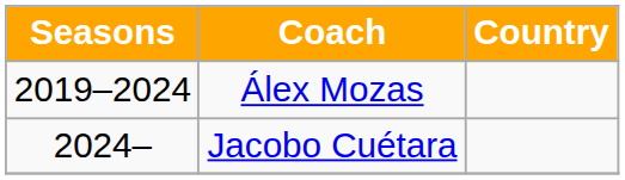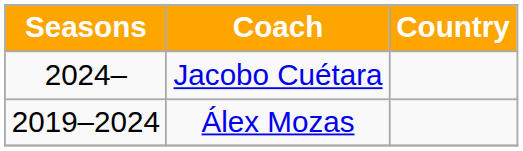 <table class="wikitable" style="text-align: center;">
 <tr>
 <th style="color:#FFFFFF; background:orange">Seasons</th>
 <th style="color:#FFFFFF; background:orange">Coach</th>
 <th style="color:#FFFFFF; background:orange">Country</th>
 </tr>
 <tr>
+<td style="text-align: center">2024–</td>
+<td style="text-align: center"><a href='#'>Jacobo Cuétara</a></td>
+<td style="text-align: center"></td>
+</tr>
+<tr>
 <td style="text-align: center">2019–2024</td>
 <td style="text-align: center"><a href='#'>Álex Mozas</a></td>
 <td style="text-align: center"></td>
 </tr>
 <tr>
-<td style="text-align: center">2024–</td>
-<td style="text-align: center"><a href='#'>Jacobo Cuétara</a></td>
-<td style="text-align: center"></td>
-</tr>
-<tr>
 </tr>
 </table>
